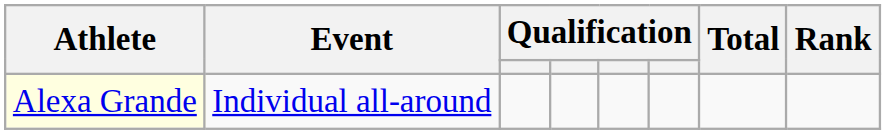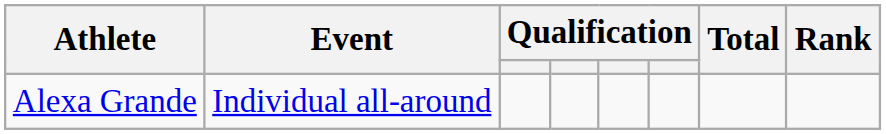 <table class="wikitable" style="font-size:90%">
 <tr>
 <th rowspan=2>Athlete</th>
 <th rowspan=2>Event</th>
 <th colspan=4>Qualification</th>
 <th rowspan=2>Total</th>
 <th rowspan=2>Rank</th>
 </tr>
 <tr style="font-size:95%">
 <th></th>
 <th></th>
 <th></th>
 <th></th>
 </tr>
 <tr align=center>
-<td align=left style="background: lightyellow;"><a href='#'>Alexa Grande</a></td>
+<td align=left><a href='#'>Alexa Grande</a></td>
 <td align=left rowspan=2><a href='#'>Individual all-around</a></td>
 <td></td>
 <td></td>
 <td></td>
 <td></td>
 <td></td>
 <td></td>
 </tr>
 </table>
